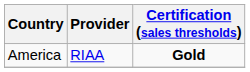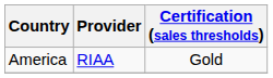 <table class="wikitable">
 <tr>
 <th>Country</th>
 <th>Provider</th>
 <th><a href='#'>Certification</a><br>(<small><a href='#'>sales thresholds</a></small>)</th>
 </tr>
 <tr>
 <td>America</td>
 <td><a href='#'>RIAA</a></td>
-<td align="center"><strong>Gold</strong></td>
+<td align="center">Gold</td>
 </tr>
 <tr>
 </tr>
 </table>
